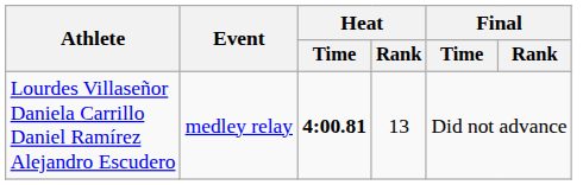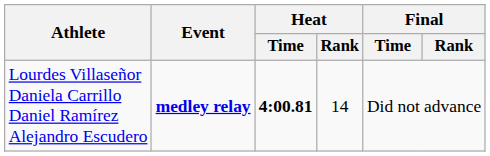 <table class=wikitable style="font-size:90%">
 <tr>
 <th rowspan="2">Athlete</th>
 <th rowspan="2">Event</th>
 <th colspan="2">Heat</th>
 <th colspan="2">Final</th>
 </tr>
 <tr style="font-size:95%">
 <th>Time</th>
 <th>Rank</th>
 <th>Time</th>
 <th>Rank</th>
 </tr>
 <tr align=center>
 <td align=left><a href='#'>Lourdes Villaseñor</a><br><a href='#'>Daniela Carrillo</a><br><a href='#'>Daniel Ramírez</a><br><a href='#'>Alejandro Escudero</a></td>
-<td align=left><a href='#'> medley relay</a></td>
+<td align=left><strong><a href='#'> medley relay</a></strong></td>
 <td><strong>4:00.81</strong></td>
-<td>13</td>
+<td>14</td>
 <td colspan=2>Did not advance</td>
 </tr>
 </table>
